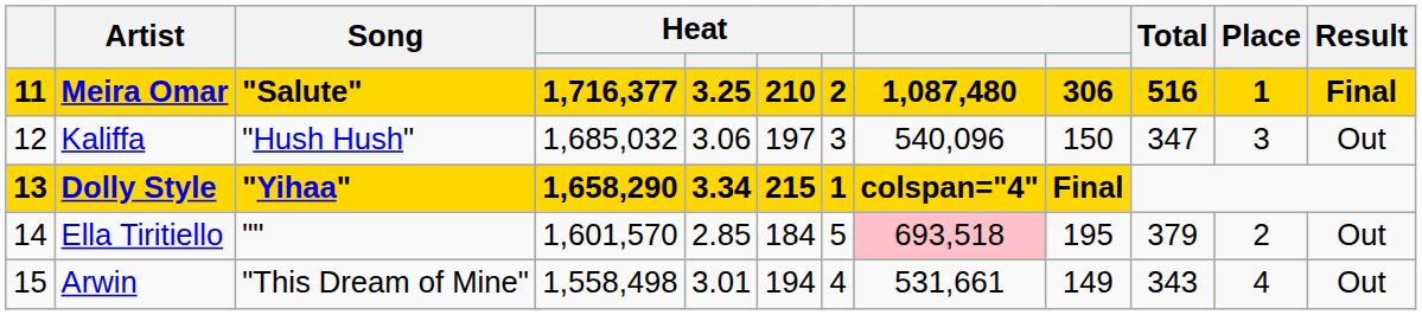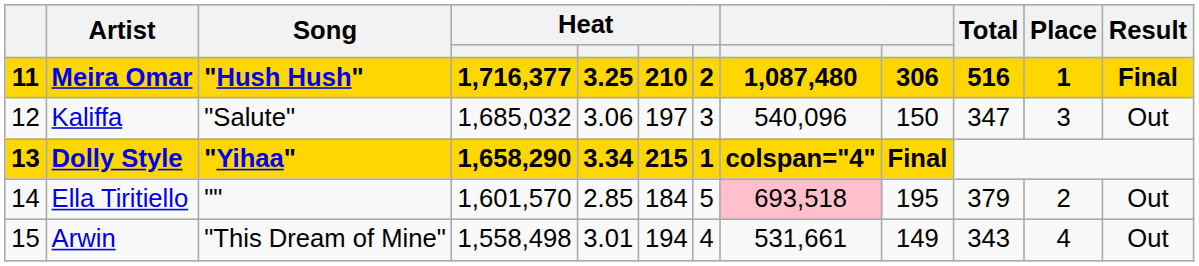 <table class="sortable wikitable" style="margin: 1em auto 1em auto; text-align:center;">
 <tr>
 <th rowspan="2"></th>
 <th rowspan="2">Artist</th>
 <th rowspan="2">Song</th>
 <th colspan="4">Heat</th>
 <th colspan="2"></th>
 <th rowspan="2">Total</th>
 <th rowspan="2">Place</th>
 <th rowspan="2" class="unsortable">Result</th>
 </tr>
 <tr>
 <th><small></small></th>
 <th><small></small></th>
 <th><small></small></th>
 <th><small></small></th>
 <th><small></small></th>
 <th><small></small></th>
 </tr>
 <tr style="background:gold; font-weight:bold;">
 <td>11</td>
 <td align="left"><a href='#'>Meira Omar</a></td>
-<td align="left">"Salute"</td>
+<td align="left">"<a href='#'>Hush Hush</a>"</td>
 <td>1,716,377</td>
 <td>3.25</td>
 <td>210</td>
 <td>2</td>
 <td>1,087,480</td>
 <td>306</td>
 <td>516</td>
 <td>1</td>
 <td>Final</td>
 </tr>
 <tr>
 <td>12</td>
 <td align="left"><a href='#'>Kaliffa</a></td>
-<td align="left">"<a href='#'>Hush Hush</a>"</td>
+<td align="left">"Salute"</td>
 <td>1,685,032</td>
 <td>3.06</td>
 <td>197</td>
 <td>3</td>
 <td>540,096</td>
 <td>150</td>
 <td>347</td>
 <td>3</td>
 <td>Out</td>
 </tr>
 <tr style="background:gold; font-weight:bold;">
 <td>13</td>
 <td align="left"><a href='#'>Dolly Style</a></td>
 <td align="left">"<a href='#'>Yihaa</a>"</td>
 <td>1,658,290</td>
 <td>3.34</td>
 <td>215</td>
 <td>1</td>
 <td>colspan="4" </td>
 <td>Final</td>
 </tr>
 <tr>
 <td>14</td>
 <td align="left"><a href='#'>Ella Tiritiello</a></td>
 <td align="left">""</td>
 <td>1,601,570</td>
 <td>2.85</td>
 <td>184</td>
 <td>5</td>
 <td style="background: pink;">693,518</td>
 <td>195</td>
 <td>379</td>
 <td>2</td>
 <td>Out</td>
 </tr>
 <tr>
 <td>15</td>
 <td align="left"><a href='#'>Arwin</a></td>
 <td align="left">"This Dream of Mine"</td>
 <td>1,558,498</td>
 <td>3.01</td>
 <td>194</td>
 <td>4</td>
 <td>531,661</td>
 <td>149</td>
 <td>343</td>
 <td>4</td>
 <td>Out</td>
 </tr>
 </table>
